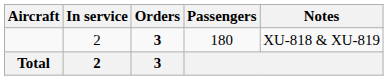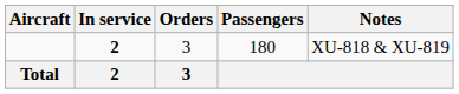 <table class="wikitable" style="border-collapse:collapse;text-align:center;margin:auto;">
 <tr>
 <th>Aircraft</th>
 <th>In service</th>
 <th>Orders</th>
 <th>Passengers</th>
 <th>Notes</th>
 </tr>
 <tr>
 <td></td>
-<td>2</td>
-<td><strong>3</strong></td>
+<td><strong>2</strong></td>
+<td>3</td>
 <td>180</td>
 <td>XU-818 & XU-819</td>
 </tr>
 <tr>
 <th>Total</th>
 <th>2</th>
 <th>3</th>
 <th colspan="4"></th>
 </tr>
 </table>
